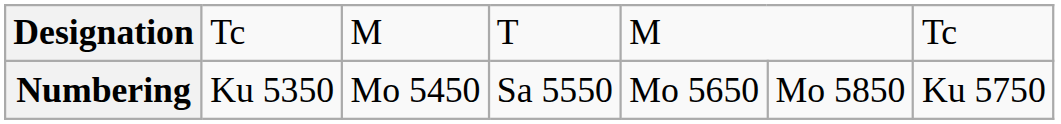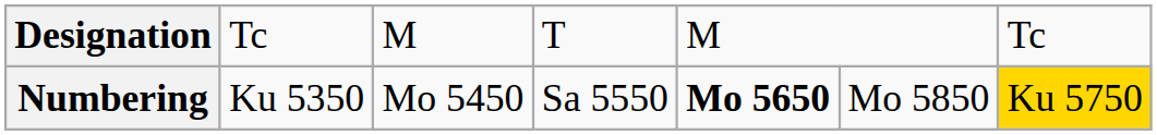 <table class="wikitable">
 <tr>
 <th>Designation</th>
 <td>Tc</td>
 <td>M</td>
 <td>T</td>
 <td colspan="2">M</td>
 <td>Tc</td>
 </tr>
 <tr>
 <th>Numbering</th>
 <td>Ku 5350</td>
 <td>Mo 5450</td>
 <td>Sa 5550</td>
-<td>Mo 5650</td>
+<td><strong>Mo 5650</strong></td>
 <td>Mo 5850</td>
-<td>Ku 5750</td>
+<td style="background: gold;">Ku 5750</td>
 </tr>
 </table>
